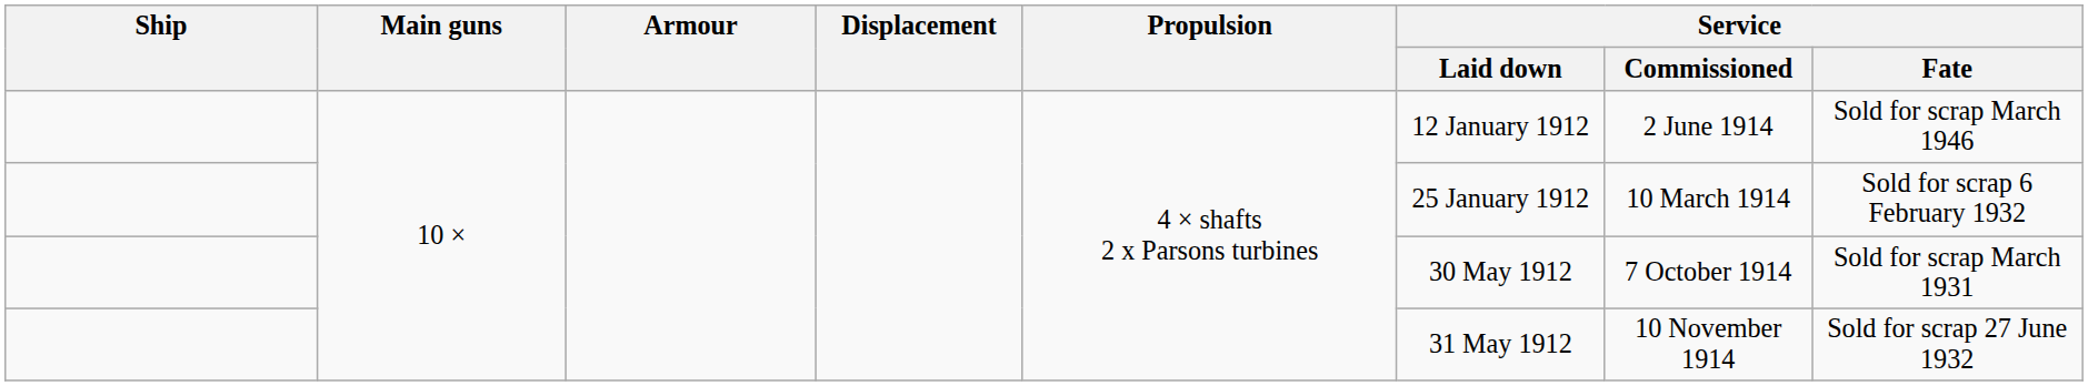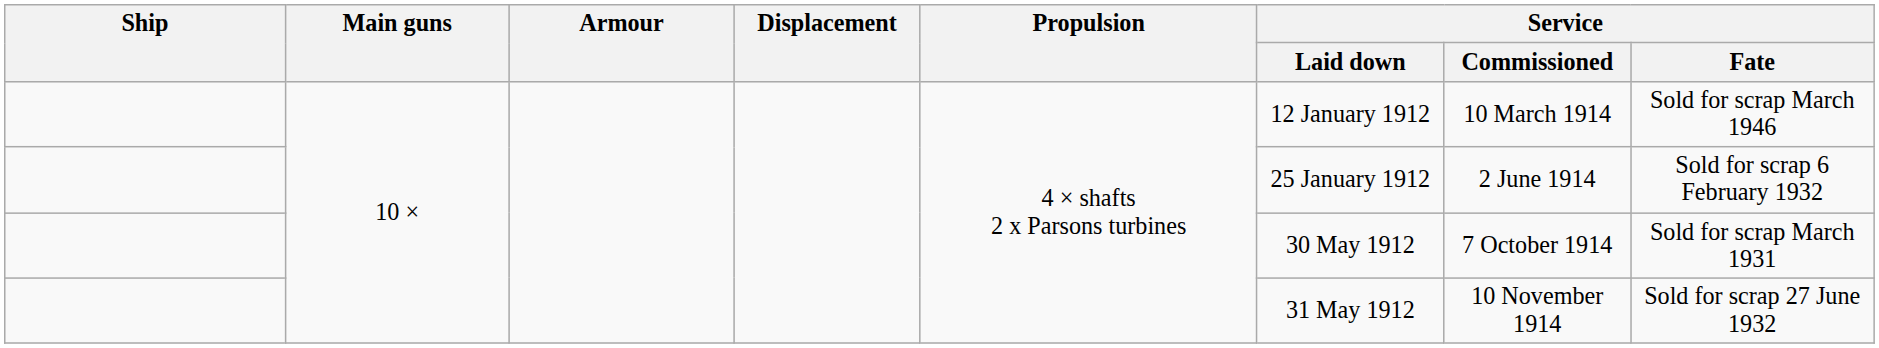 <table class="wikitable" style="width:98%;">
 <tr valign="top"|- valign="top">
 <th style="width:15%; text-align:center;" rowspan="2">Ship</th>
 <th style="width:12%; text-align:center;" rowspan="2">Main guns</th>
 <th style="width:12%; text-align:center;" rowspan="2">Armour</th>
 <th style="width:10%; text-align:center;" rowspan="2">Displacement</th>
 <th style="width:18%; text-align:center;" rowspan="2">Propulsion</th>
 <th style="width:40%; text-align:center;" colspan="3">Service</th>
 </tr>
 <tr valign="top">
 <th style="width:10%; text-align:center;">Laid down</th>
 <th style="width:10%; text-align:center;">Commissioned</th>
 <th style="width:20%; text-align:center;">Fate</th>
 </tr>
 <tr valign="center">
 <td align= center></td>
 <td style="text-align:center;" rowspan=4>10 × </td>
 <td style="text-align:center;" rowspan=4></td>
 <td style="text-align:center;" rowspan=4></td>
 <td align= center rowspan=4>4 × shafts<br>2 x Parsons turbines<br></td>
 <td style="text-align:center;">12 January 1912</td>
-<td style="text-align:center;">2 June 1914</td>
+<td style="text-align:center;">10 March 1914</td>
 <td align= center>Sold for scrap March 1946</td>
 </tr>
 <tr valign="center">
 <td align= center></td>
 <td style="text-align:center;">25 January 1912</td>
-<td style="text-align:center;">10 March 1914</td>
+<td style="text-align:center;">2 June 1914</td>
 <td align= center>Sold for scrap 6 February 1932</td>
 </tr>
 <tr valign="center">
 <td align= center></td>
 <td style="text-align:center;">30 May 1912</td>
 <td style="text-align:center;">7 October 1914</td>
 <td align= center>Sold for scrap March 1931</td>
 </tr>
 <tr valign="center">
 <td align= center></td>
 <td style="text-align:center;">31 May 1912</td>
 <td style="text-align:center;">10 November 1914</td>
 <td align= center>Sold for scrap 27 June 1932</td>
 </tr>
 </table>
